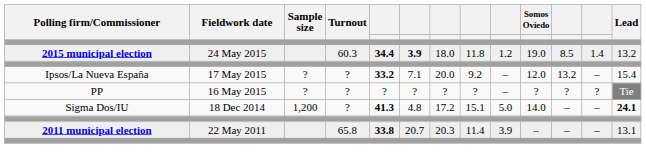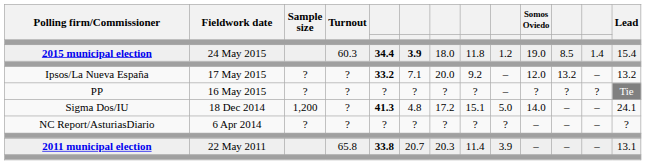 <table class="wikitable collapsible collapsed" style="text-align:center; font-size:95%; line-height:16px;">
 <tr style="height:42px;">
 <th style="width:250px;" rowspan="2">Polling firm/Commissioner</th>
 <th style="width:125px;" rowspan="2">Fieldwork date</th>
 <th style="width:50px;" rowspan="2">Sample size</th>
 <th style="width:45px;" rowspan="2">Turnout</th>
 <th style="width:35px;"></th>
 <th style="width:35px;"></th>
 <th style="width:35px;"></th>
 <th style="width:35px;"></th>
 <th style="width:35px;"></th>
 <th style="width:35px; font-size:80%;">Somos<br>Oviedo</th>
 <th style="width:35px;"></th>
 <th style="width:35px;"></th>
 <th style="width:30px;" rowspan="2">Lead</th>
 </tr>
 <tr>
 <th style="color:inherit;background:"></th>
 <th style="color:inherit;background:"></th>
 <th style="color:inherit;background:"></th>
 <th style="color:inherit;background:"></th>
 <th style="color:inherit;background:"></th>
 <th style="color:inherit;background:"></th>
 <th style="color:inherit;background:"></th>
 <th style="color:inherit;background:"></th>
 </tr>
 <tr>
 <td colspan="13" style="background:#A0A0A0"></td>
 </tr>
 <tr style="background:#EFEFEF;">
 <td><strong><a href='#'>2015 municipal election</a></strong></td>
 <td>24 May 2015</td>
 <td></td>
 <td>60.3</td>
 <td><strong>34.4</strong><br></td>
 <td><strong>3.9<br></strong></td>
 <td>18.0<br></td>
 <td>11.8<br></td>
 <td>1.2<br></td>
 <td>19.0<br></td>
 <td>8.5<br></td>
 <td>1.4<br></td>
-<td style="background:">13.2</td>
+<td style="background:">15.4</td>
 </tr>
 <tr>
 <td colspan="13" style="background:#A0A0A0"></td>
 </tr>
 <tr>
 <td>Ipsos/La Nueva España</td>
 <td>17 May 2015</td>
 <td>?</td>
 <td>?</td>
 <td><strong>33.2</strong><br></td>
 <td>7.1<br></td>
 <td>20.0<br></td>
 <td>9.2<br></td>
 <td>–</td>
 <td>12.0<br></td>
 <td>13.2<br></td>
 <td>–</td>
-<td style="background:">15.4</td>
+<td style="background:">13.2</td>
 </tr>
 <tr>
 <td>PP</td>
 <td>16 May 2015</td>
 <td>?</td>
 <td>?</td>
 <td>?<br></td>
 <td>?<br></td>
 <td>?<br></td>
 <td>?<br></td>
 <td>–</td>
 <td>?<br></td>
 <td>?<br></td>
 <td>?<br></td>
 <td style="background:gray;color:white;">Tie</td>
 </tr>
 <tr>
 <td>Sigma Dos/IU</td>
 <td>18 Dec 2014</td>
 <td>1,200</td>
 <td>?</td>
 <td><strong>41.3</strong><br></td>
 <td>4.8<br></td>
 <td>17.2<br></td>
 <td>15.1<br></td>
 <td>5.0<br></td>
 <td>14.0<br></td>
 <td>–</td>
 <td>–</td>
-<td style="background:"><strong>24.1</strong></td>
+<td style="background:">24.1</td>
+</tr>
+<tr>
+<td>NC Report/AsturiasDiario</td>
+<td>6 Apr 2014</td>
+<td>?</td>
+<td>?</td>
+<td>?<br></td>
+<td>?<br></td>
+<td>?<br></td>
+<td>?<br></td>
+<td>?<br></td>
+<td>–</td>
+<td>–</td>
+<td>–</td>
+<td style="background:">?</td>
 </tr>
 <tr>
 <td colspan="13" style="background:#A0A0A0"></td>
 </tr>
 <tr style="background:#EFEFEF;">
 <td><strong><a href='#'>2011 municipal election</a></strong></td>
 <td>22 May 2011</td>
 <td></td>
 <td>65.8</td>
 <td><strong>33.8</strong><br></td>
 <td>20.7<br></td>
 <td>20.3<br></td>
 <td>11.4<br></td>
 <td>3.9<br></td>
 <td>–</td>
 <td>–</td>
 <td>–</td>
 <td style="background:">13.1</td>
 </tr>
 <tr>
 <td colspan="13" style="background:#A0A0A0"></td>
 </tr>
 </table>
